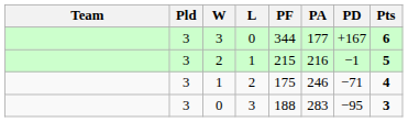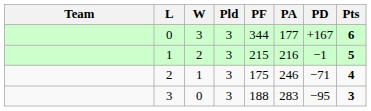 <table class="wikitable" style="text-align:center;">
 <tr>
 <th width=180>Team</th>
+<th width=30>L</th>
+<th width=30>W</th>
 <th width=30>Pld</th>
-<th width=30>W</th>
-<th width=30>L</th>
 <th width=30>PF</th>
 <th width=30>PA</th>
 <th width=30>PD</th>
 <th width=30>Pts</th>
 </tr>
 <tr align=center bgcolor="#ccffcc">
 <td align=left></td>
+<td>0</td>
 <td>3</td>
 <td>3</td>
-<td>0</td>
 <td>344</td>
 <td>177</td>
 <td>+167</td>
 <td><strong>6</strong></td>
 </tr>
 <tr align=center bgcolor="#ccffcc">
 <td align=left></td>
+<td>1</td>
+<td>2</td>
 <td>3</td>
-<td>2</td>
-<td>1</td>
 <td>215</td>
 <td>216</td>
 <td>−1</td>
 <td><strong>5</strong></td>
 </tr>
 <tr align=center>
 <td align=left></td>
+<td>2</td>
+<td>1</td>
 <td>3</td>
-<td>1</td>
-<td>2</td>
 <td>175</td>
 <td>246</td>
 <td>−71</td>
 <td><strong>4</strong></td>
 </tr>
 <tr align=center>
 <td align=left></td>
 <td>3</td>
 <td>0</td>
 <td>3</td>
 <td>188</td>
 <td>283</td>
 <td>−95</td>
 <td><strong>3</strong></td>
 </tr>
 </table>
